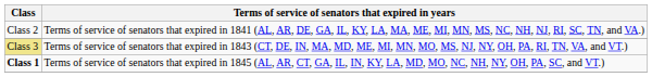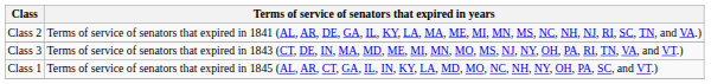 <table class="wikitable sortable">
 <tr valign=bottom>
 <th>Class</th>
 <th>Terms of service of senators that expired in years</th>
 </tr>
 <tr>
 <td>Class 2</td>
 <td>Terms of service of senators that expired in 1841 (<a href='#'>AL</a>, <a href='#'>AR</a>, <a href='#'>DE</a>, <a href='#'>GA</a>, <a href='#'>IL</a>, <a href='#'>KY</a>, <a href='#'>LA</a>, <a href='#'>MA</a>, <a href='#'>ME</a>, <a href='#'>MI</a>, <a href='#'>MN</a>, <a href='#'>MS</a>, <a href='#'>NC</a>, <a href='#'>NH</a>, <a href='#'>NJ</a>, <a href='#'>RI</a>, <a href='#'>SC</a>, <a href='#'>TN</a>, and <a href='#'>VA</a>.)</td>
 </tr>
 <tr>
 </tr>
 <tr>
-<td style="background: khaki;">Class 3</td>
+<td>Class 3</td>
 <td>Terms of service of senators that expired in 1843 (<a href='#'>CT</a>, <a href='#'>DE</a>, <a href='#'>IN</a>, <a href='#'>MA</a>, <a href='#'>MD</a>, <a href='#'>ME</a>,  <a href='#'>MI</a>, <a href='#'>MN</a>, <a href='#'>MO</a>, <a href='#'>MS</a>, <a href='#'>NJ</a>, <a href='#'>NY</a>, <a href='#'>OH</a>, <a href='#'>PA</a>, <a href='#'>RI</a>, <a href='#'>TN</a>, <a href='#'>VA</a>, and <a href='#'>VT</a>.)</td>
 </tr>
 <tr>
-<td><strong>Class 1</strong></td>
+<td>Class 1</td>
 <td>Terms of service of senators that expired in 1845 (<a href='#'>AL</a>, <a href='#'>AR</a>, <a href='#'>CT</a>, <a href='#'>GA</a>, <a href='#'>IL</a>, <a href='#'>IN</a>, <a href='#'>KY</a>, <a href='#'>LA</a>, <a href='#'>MD</a>, <a href='#'>MO</a>, <a href='#'>NC</a>, <a href='#'>NH</a>, <a href='#'>NY</a>, <a href='#'>OH</a>, <a href='#'>PA</a>, <a href='#'>SC</a>, and <a href='#'>VT</a>.)</td>
 </tr>
 <tr>
 </tr>
 </table>
